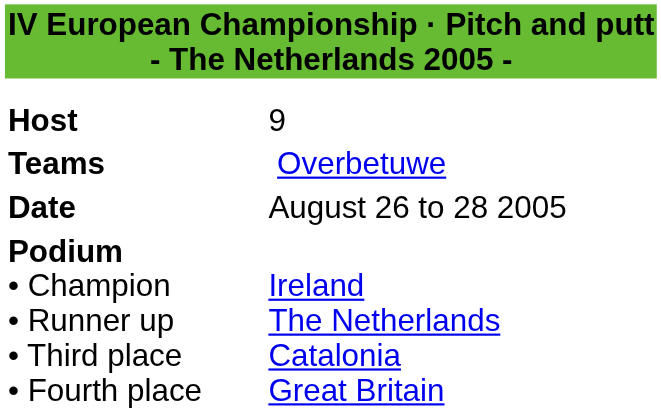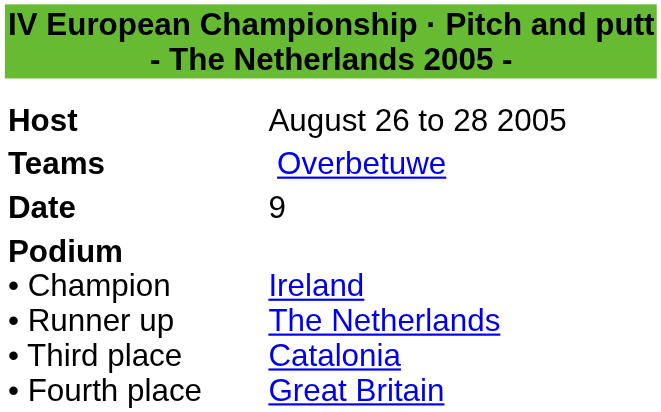 <table class="toccolours" style="float: right; margin: 0 0 1em 1em; font-size: 90%;">
 <tr>
 <td colspan="2" style="background: #66bb33; text-align: center;"><strong>IV European Championship · Pitch and putt<br>- The Netherlands 2005 -</strong></td>
 </tr>
 <tr>
 <td colspan="2" style="text-align: center;"></td>
 </tr>
 <tr style="vertical-align:top;">
 <td colspan=2></td>
 </tr>
 <tr style="vertical-align:top;">
 <td><strong>Host</strong></td>
-<td>9</td>
+<td>August 26 to 28 2005</td>
 </tr>
 <tr style="vertical-align:top;">
 <td><strong>Teams</strong></td>
 <td> <a href='#'>Overbetuwe</a></td>
 </tr>
 <tr style="vertical-align:top;">
 <td><strong>Date</strong></td>
-<td>August 26 to 28 2005</td>
+<td>9</td>
 </tr>
 <tr style="vertical-align:top;">
 <td><strong>Podium</strong><br>• Champion<br>• Runner up<br>• Third place<br>• Fourth place</td>
 <td><br> <a href='#'>Ireland</a> <br> <a href='#'>The Netherlands</a> <br> <a href='#'>Catalonia</a> <br> <a href='#'>Great Britain</a></td>
 </tr>
 </table>
